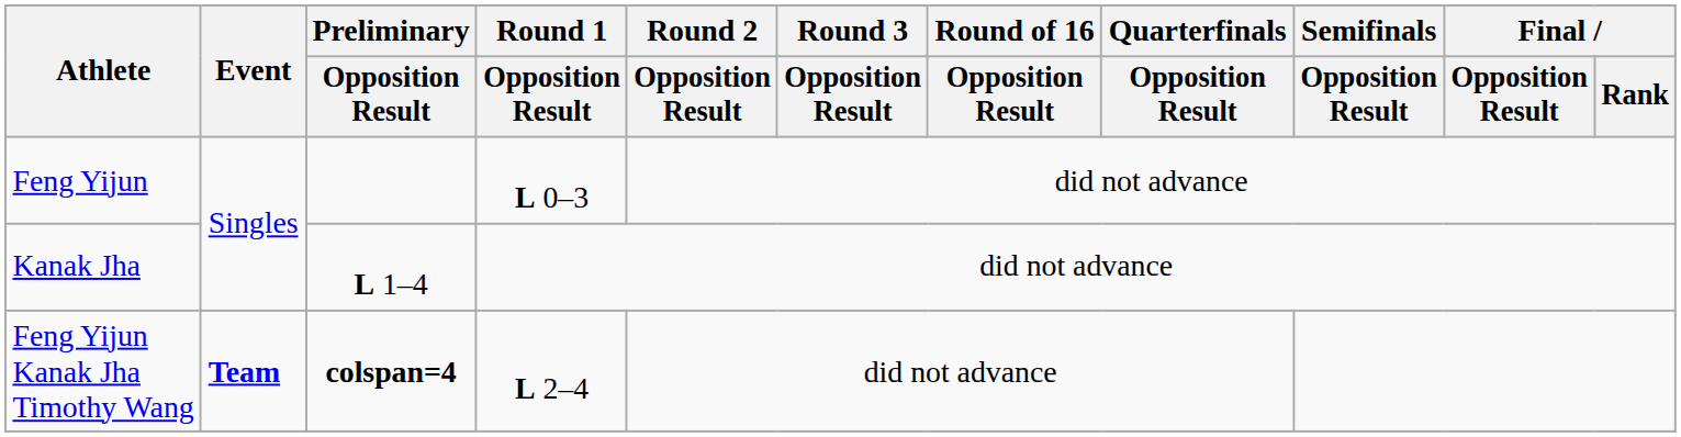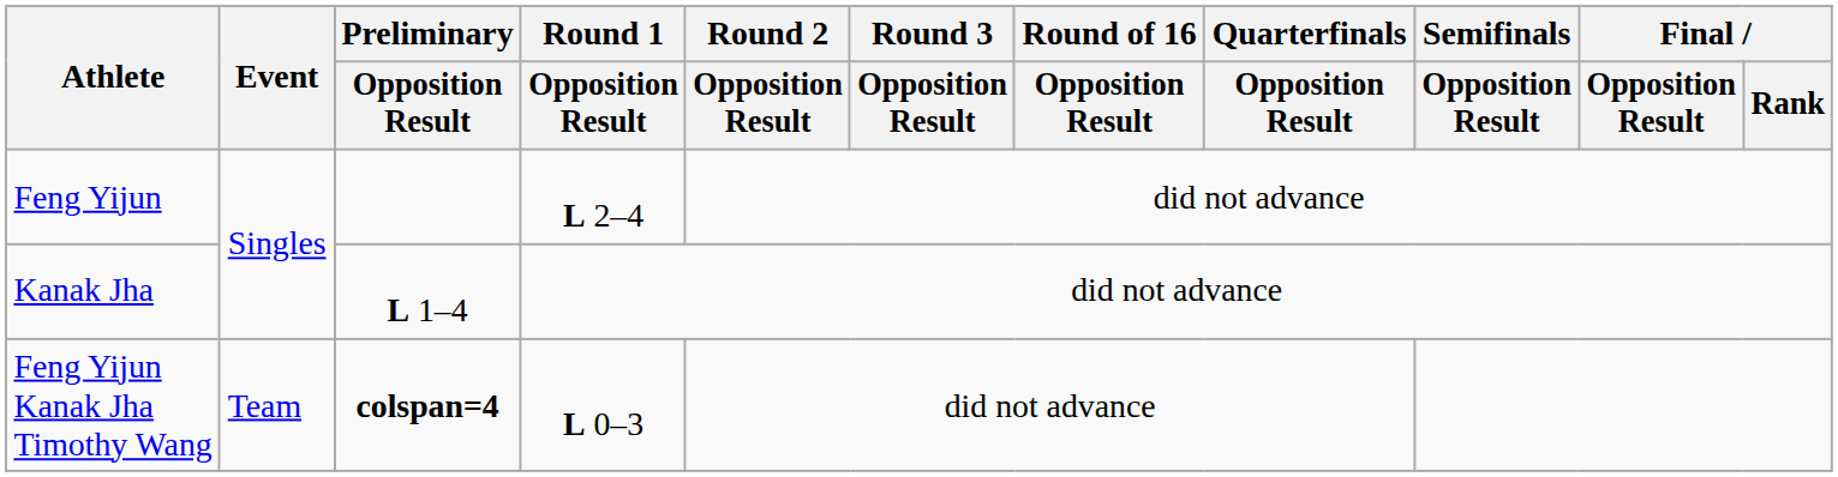 <table class=wikitable style=font-size:90%;text-align:center>
 <tr>
 <th rowspan=2>Athlete</th>
 <th rowspan=2>Event</th>
 <th>Preliminary</th>
 <th>Round 1</th>
 <th>Round 2</th>
 <th>Round 3</th>
 <th>Round of 16</th>
 <th>Quarterfinals</th>
 <th>Semifinals</th>
 <th colspan=2>Final / </th>
 </tr>
 <tr style=font-size:95%>
 <th>Opposition<br>Result</th>
 <th>Opposition<br>Result</th>
 <th>Opposition<br>Result</th>
 <th>Opposition<br>Result</th>
 <th>Opposition<br>Result</th>
 <th>Opposition<br>Result</th>
 <th>Opposition<br>Result</th>
 <th>Opposition<br>Result</th>
 <th>Rank</th>
 </tr>
 <tr>
 <td align=left><a href='#'>Feng Yijun</a></td>
 <td align=left rowspan=2><a href='#'>Singles</a></td>
 <td></td>
-<td><br><strong>L</strong> 0–3</td>
+<td><br><strong>L</strong> 2–4</td>
 <td colspan=7>did not advance</td>
 </tr>
 <tr>
 <td align=left><a href='#'>Kanak Jha</a></td>
 <td><br><strong>L</strong> 1–4</td>
 <td colspan=8>did not advance</td>
 </tr>
 <tr>
 <td align=left><a href='#'>Feng Yijun</a><br><a href='#'>Kanak Jha</a><br><a href='#'>Timothy Wang</a></td>
-<td align=left><strong><a href='#'>Team</a></strong></td>
+<td align=left><a href='#'>Team</a></td>
 <td><strong>colspan=4 </strong></td>
-<td><br><strong>L</strong> 2–4</td>
+<td><br><strong>L</strong> 0–3</td>
 <td colspan=4>did not advance</td>
 </tr>
 </table>
